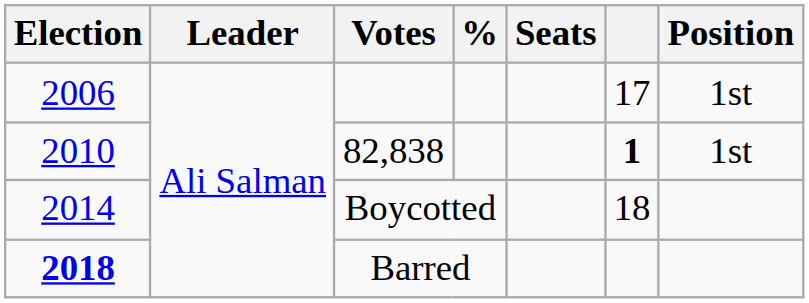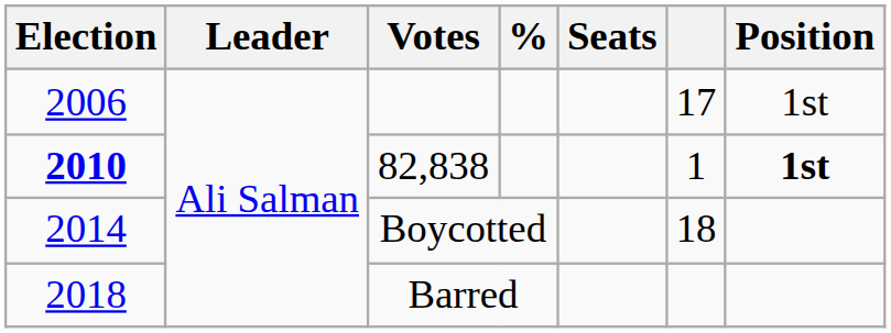 <table class=wikitable style=text-align:center>
 <tr>
 <th>Election</th>
 <th>Leader</th>
 <th><strong>Votes</strong></th>
 <th><strong>%</strong></th>
 <th>Seats</th>
 <th></th>
 <th><strong>Position</strong></th>
 </tr>
 <tr>
 <td><a href='#'>2006</a></td>
 <td rowspan="4"><a href='#'>Ali Salman</a></td>
 <td></td>
 <td></td>
 <td></td>
 <td> 17</td>
 <td> 1st</td>
 </tr>
 <tr>
-<td><a href='#'>2010</a></td>
+<td><strong><a href='#'>2010</a></strong></td>
 <td>82,838</td>
 <td></td>
 <td></td>
-<td><strong> 1</strong></td>
-<td> 1st</td>
+<td> 1</td>
+<td><strong> 1st</strong></td>
 </tr>
 <tr>
 <td><a href='#'>2014</a></td>
 <td colspan="2">Boycotted</td>
 <td></td>
 <td> 18</td>
 <td></td>
 </tr>
 <tr>
-<td><strong><a href='#'>2018</a></strong></td>
+<td><a href='#'>2018</a></td>
 <td colspan="2">Barred</td>
 <td></td>
 <td></td>
 <td></td>
 </tr>
 </table>
